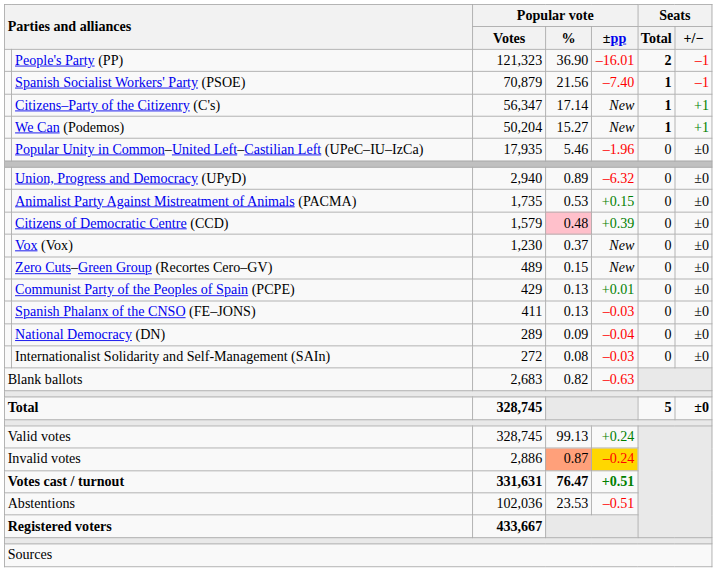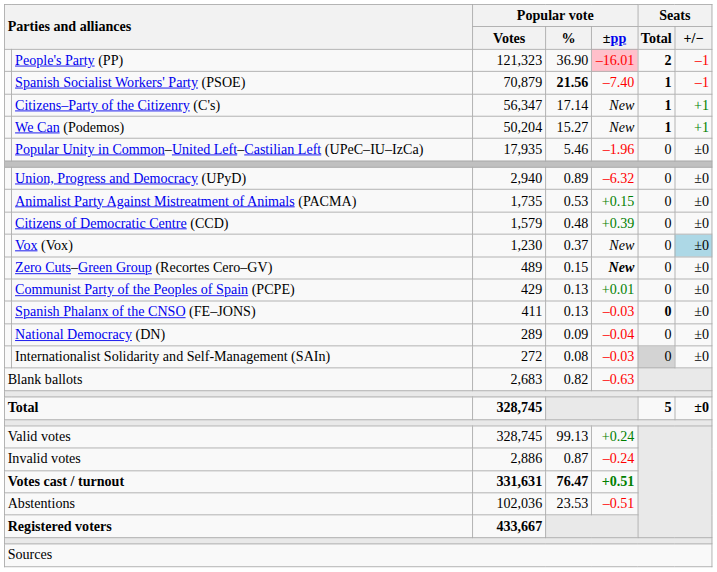 <table class="wikitable" style="text-align:right;">
 <tr>
 <th style="text-align:left;" rowspan="2" colspan="2" width="525">Parties and alliances</th>
 <th colspan="3">Popular vote</th>
 <th colspan="2">Seats</th>
 </tr>
 <tr>
 <th width="75">Votes</th>
 <th width="45">%</th>
 <th width="45">±<a href='#'>pp</a></th>
 <th width="35">Total</th>
 <th width="35">+/−</th>
 </tr>
 <tr>
 <td width="1" style="color:inherit;background:"></td>
 <td align="left"><a href='#'>People's Party</a> (PP)</td>
 <td>121,323</td>
 <td>36.90</td>
-<td style="color:red;">–16.01</td>
+<td style="background: pink; color:red;">–16.01</td>
 <td><strong>2</strong></td>
 <td style="color:red;">–1</td>
 </tr>
 <tr>
 <td style="color:inherit;background:"></td>
 <td align="left"><a href='#'>Spanish Socialist Workers' Party</a> (PSOE)</td>
 <td>70,879</td>
-<td>21.56</td>
+<td><strong>21.56</strong></td>
 <td style="color:red;">–7.40</td>
 <td><strong>1</strong></td>
 <td style="color:red;">–1</td>
 </tr>
 <tr>
 <td style="color:inherit;background:"></td>
 <td align="left"><a href='#'>Citizens–Party of the Citizenry</a> (C's)</td>
 <td>56,347</td>
 <td>17.14</td>
 <td><em>New</em></td>
 <td><strong>1</strong></td>
 <td style="color:green;">+1</td>
 </tr>
 <tr>
 <td style="color:inherit;background:"></td>
 <td align="left"><a href='#'>We Can</a> (Podemos)</td>
 <td>50,204</td>
 <td>15.27</td>
 <td><em>New</em></td>
 <td><strong>1</strong></td>
 <td style="color:green;">+1</td>
 </tr>
 <tr>
 <td style="color:inherit;background:"></td>
 <td align="left"><a href='#'>Popular Unity in Common</a>–<a href='#'>United Left</a>–<a href='#'>Castilian Left</a> (UPeC–IU–IzCa)</td>
 <td>17,935</td>
 <td>5.46</td>
 <td style="color:red;">–1.96</td>
 <td>0</td>
 <td>±0</td>
 </tr>
 <tr>
 <td colspan="7" bgcolor="#C0C0C0"></td>
 </tr>
 <tr>
 <td style="color:inherit;background:"></td>
 <td align="left"><a href='#'>Union, Progress and Democracy</a> (UPyD)</td>
 <td>2,940</td>
 <td>0.89</td>
 <td style="color:red;">–6.32</td>
 <td>0</td>
 <td>±0</td>
 </tr>
 <tr>
 <td style="color:inherit;background:"></td>
 <td align="left"><a href='#'>Animalist Party Against Mistreatment of Animals</a> (PACMA)</td>
 <td>1,735</td>
 <td>0.53</td>
 <td style="color:green;">+0.15</td>
 <td>0</td>
 <td>±0</td>
 </tr>
 <tr>
 <td style="color:inherit;background:"></td>
 <td align="left"><a href='#'>Citizens of Democratic Centre</a> (CCD)</td>
 <td>1,579</td>
-<td style="background: pink;">0.48</td>
+<td>0.48</td>
 <td style="color:green;">+0.39</td>
 <td>0</td>
 <td>±0</td>
 </tr>
 <tr>
 <td style="color:inherit;background:"></td>
 <td align="left"><a href='#'>Vox</a> (Vox)</td>
 <td>1,230</td>
 <td>0.37</td>
 <td><em>New</em></td>
 <td>0</td>
-<td>±0</td>
+<td style="background: lightblue;">±0</td>
 </tr>
 <tr>
 <td style="color:inherit;background:"></td>
 <td align="left"><a href='#'>Zero Cuts</a>–<a href='#'>Green Group</a> (Recortes Cero–GV)</td>
 <td>489</td>
 <td>0.15</td>
-<td><em>New</em></td>
+<td><strong><em>New</em></strong></td>
 <td>0</td>
 <td>±0</td>
 </tr>
 <tr>
 <td style="color:inherit;background:"></td>
 <td align="left"><a href='#'>Communist Party of the Peoples of Spain</a> (PCPE)</td>
 <td>429</td>
 <td>0.13</td>
 <td style="color:green;">+0.01</td>
 <td>0</td>
 <td>±0</td>
 </tr>
 <tr>
 <td style="color:inherit;background:"></td>
 <td align="left"><a href='#'>Spanish Phalanx of the CNSO</a> (FE–JONS)</td>
 <td>411</td>
 <td>0.13</td>
 <td style="color:red;">–0.03</td>
-<td>0</td>
+<td><strong>0</strong></td>
 <td>±0</td>
 </tr>
 <tr>
 <td style="color:inherit;background:"></td>
 <td align="left"><a href='#'>National Democracy</a> (DN)</td>
 <td>289</td>
 <td>0.09</td>
 <td style="color:red;">–0.04</td>
 <td>0</td>
 <td>±0</td>
 </tr>
 <tr>
 <td style="color:inherit;background:"></td>
 <td align="left">Internationalist Solidarity and Self-Management (SAIn)</td>
 <td>272</td>
 <td>0.08</td>
 <td style="color:red;">–0.03</td>
-<td>0</td>
+<td style="background: lightgrey;">0</td>
 <td>±0</td>
 </tr>
 <tr>
 <td align="left" colspan="2">Blank ballots</td>
 <td>2,683</td>
 <td>0.82</td>
 <td style="color:red;">–0.63</td>
 <td bgcolor="#E9E9E9" colspan="2"></td>
 </tr>
 <tr>
 <td colspan="7" bgcolor="#E9E9E9"></td>
 </tr>
 <tr style="font-weight:bold;">
 <td align="left" colspan="2">Total</td>
 <td>328,745</td>
 <td bgcolor="#E9E9E9" colspan="2"></td>
 <td>5</td>
 <td>±0</td>
 </tr>
 <tr>
 <td colspan="7" bgcolor="#E9E9E9"></td>
 </tr>
 <tr>
 <td align="left" colspan="2">Valid votes</td>
 <td>328,745</td>
 <td>99.13</td>
 <td style="color:green;">+0.24</td>
 <td bgcolor="#E9E9E9" colspan="2" rowspan="5"></td>
 </tr>
 <tr>
 <td align="left" colspan="2">Invalid votes</td>
 <td>2,886</td>
-<td style="background: lightsalmon;">0.87</td>
-<td style="background: gold; color:red;">–0.24</td>
+<td>0.87</td>
+<td style="color:red;">–0.24</td>
 </tr>
 <tr style="font-weight:bold;">
 <td align="left" colspan="2">Votes cast / turnout</td>
 <td>331,631</td>
 <td>76.47</td>
 <td style="color:green;">+0.51</td>
 </tr>
 <tr>
 <td align="left" colspan="2">Abstentions</td>
 <td>102,036</td>
 <td>23.53</td>
 <td style="color:red;">–0.51</td>
 </tr>
 <tr style="font-weight:bold;">
 <td align="left" colspan="2">Registered voters</td>
 <td>433,667</td>
 <td bgcolor="#E9E9E9" colspan="2"></td>
 </tr>
 <tr>
 <td colspan="7" bgcolor="#E9E9E9"></td>
 </tr>
 <tr>
 <td align="left" colspan="7">Sources</td>
 </tr>
 </table>
